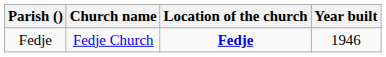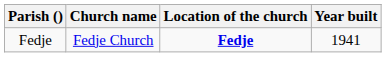 <table class="wikitable" style="text-align:center">
 <tr>
 <th>Parish ()</th>
 <th>Church name</th>
 <th>Location of the church</th>
 <th>Year built</th>
 </tr>
 <tr>
 <td>Fedje</td>
 <td><a href='#'>Fedje Church</a></td>
 <td><strong><a href='#'>Fedje</a></strong></td>
-<td>1946</td>
+<td>1941</td>
 </tr>
 </table>
